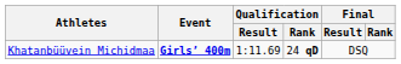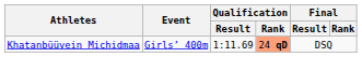 <table class="wikitable" border="1" style="font-size:90%">
 <tr>
 <th rowspan=2>Athletes</th>
 <th rowspan=2>Event</th>
 <th colspan=2>Qualification</th>
 <th colspan=2>Final</th>
 </tr>
 <tr>
 <th>Result</th>
 <th>Rank</th>
 <th>Result</th>
 <th>Rank</th>
 </tr>
 <tr>
 <td><a href='#'>Khatanbüüvein Michidmaa</a></td>
-<td><strong><a href='#'>Girls’ 400m</a></strong></td>
+<td><a href='#'>Girls’ 400m</a></td>
 <td align=center>1:11.69</td>
-<td align=center>24 <strong>qD</strong></td>
+<td align=center style="background: lightsalmon;">24 <strong>qD</strong></td>
 <td align=center colspan=2>DSQ</td>
 </tr>
 </table>
